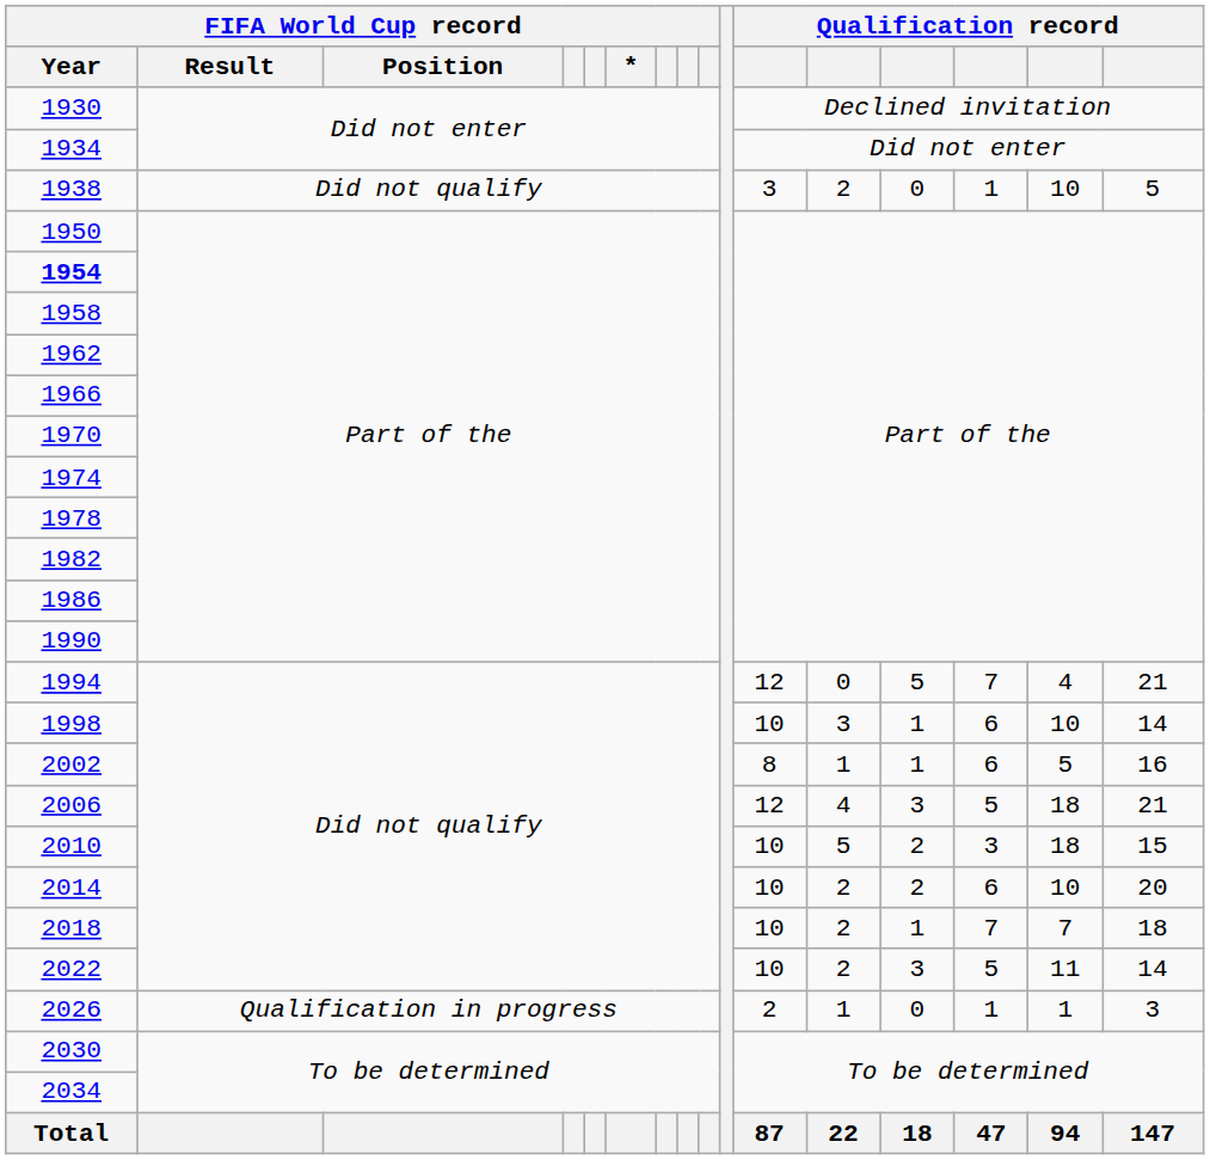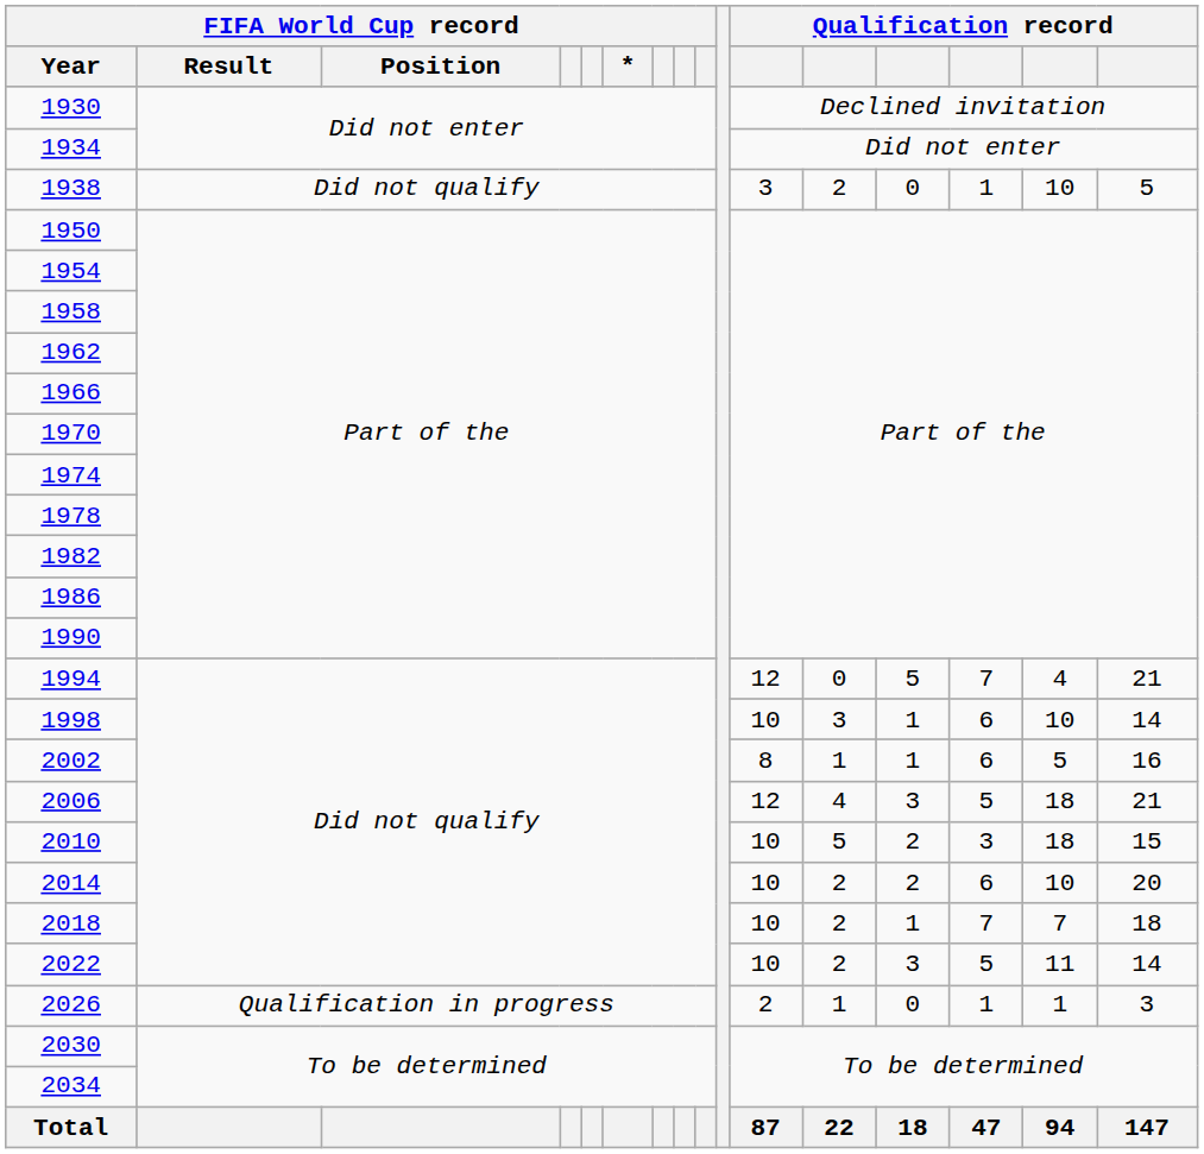 <table class="wikitable" style="text-align: center;">
 <tr>
 <th colspan=9><a href='#'>FIFA World Cup</a> record</th>
 <th width=1% rowspan=28></th>
 <th colspan=6><a href='#'>Qualification</a> record</th>
 </tr>
 <tr>
 <th>Year</th>
 <th>Result</th>
 <th>Position</th>
 <th></th>
 <th></th>
 <th>*</th>
 <th></th>
 <th></th>
 <th></th>
 <th></th>
 <th></th>
 <th></th>
 <th></th>
 <th></th>
 <th></th>
 </tr>
 <tr>
 <td> <a href='#'>1930</a></td>
 <td colspan=8 rowspan=2><em>Did not enter</em></td>
 <td colspan=6><em>Declined invitation</em></td>
 </tr>
 <tr>
 <td> <a href='#'>1934</a></td>
 <td colspan=6><em>Did not enter</em></td>
 </tr>
 <tr>
 <td> <a href='#'>1938</a></td>
 <td colspan=8><em>Did not qualify</em></td>
 <td>3</td>
 <td>2</td>
 <td>0</td>
 <td>1</td>
 <td>10</td>
 <td>5</td>
 </tr>
 <tr>
 <td> <a href='#'>1950</a></td>
 <td colspan=8 rowspan=11><em>Part of the </em></td>
 <td colspan=6 rowspan=11><em>Part of the </em></td>
 </tr>
 <tr>
-<td><strong> <a href='#'>1954</a></strong></td>
+<td> <a href='#'>1954</a></td>
 </tr>
 <tr>
 <td> <a href='#'>1958</a></td>
 </tr>
 <tr>
 <td> <a href='#'>1962</a></td>
 </tr>
 <tr>
 <td> <a href='#'>1966</a></td>
 </tr>
 <tr>
 <td> <a href='#'>1970</a></td>
 </tr>
 <tr>
 <td> <a href='#'>1974</a></td>
 </tr>
 <tr>
 <td> <a href='#'>1978</a></td>
 </tr>
 <tr>
 <td> <a href='#'>1982</a></td>
 </tr>
 <tr>
 <td> <a href='#'>1986</a></td>
 </tr>
 <tr>
 <td> <a href='#'>1990</a></td>
 </tr>
 <tr>
 <td> <a href='#'>1994</a></td>
 <td colspan=8 rowspan=8><em>Did not qualify</em></td>
 <td>12</td>
 <td>0</td>
 <td>5</td>
 <td>7</td>
 <td>4</td>
 <td>21</td>
 </tr>
 <tr>
 <td> <a href='#'>1998</a></td>
 <td>10</td>
 <td>3</td>
 <td>1</td>
 <td>6</td>
 <td>10</td>
 <td>14</td>
 </tr>
 <tr>
 <td>  <a href='#'>2002</a></td>
 <td>8</td>
 <td>1</td>
 <td>1</td>
 <td>6</td>
 <td>5</td>
 <td>16</td>
 </tr>
 <tr>
 <td> <a href='#'>2006</a></td>
 <td>12</td>
 <td>4</td>
 <td>3</td>
 <td>5</td>
 <td>18</td>
 <td>21</td>
 </tr>
 <tr>
 <td> <a href='#'>2010</a></td>
 <td>10</td>
 <td>5</td>
 <td>2</td>
 <td>3</td>
 <td>18</td>
 <td>15</td>
 </tr>
 <tr>
 <td> <a href='#'>2014</a></td>
 <td>10</td>
 <td>2</td>
 <td>2</td>
 <td>6</td>
 <td>10</td>
 <td>20</td>
 </tr>
 <tr>
 <td> <a href='#'>2018</a></td>
 <td>10</td>
 <td>2</td>
 <td>1</td>
 <td>7</td>
 <td>7</td>
 <td>18</td>
 </tr>
 <tr>
 <td> <a href='#'>2022</a></td>
 <td>10</td>
 <td>2</td>
 <td>3</td>
 <td>5</td>
 <td>11</td>
 <td>14</td>
 </tr>
 <tr>
 <td>   <a href='#'>2026</a></td>
 <td colspan=8><em>Qualification in progress</em></td>
 <td>2</td>
 <td>1</td>
 <td>0</td>
 <td>1</td>
 <td>1</td>
 <td>3</td>
 </tr>
 <tr>
 <td>   <a href='#'>2030</a></td>
 <td colspan=8 rowspan=2><em>To be determined</em></td>
 <td colspan=6 rowspan=2><em>To be determined</em></td>
 </tr>
 <tr>
 <td> <a href='#'>2034</a></td>
 </tr>
 <tr>
 <th>Total</th>
 <th></th>
 <th></th>
 <th></th>
 <th></th>
 <th></th>
 <th></th>
 <th></th>
 <th></th>
 <th>87</th>
 <th>22</th>
 <th>18</th>
 <th>47</th>
 <th>94</th>
 <th>147</th>
 </tr>
 </table>
